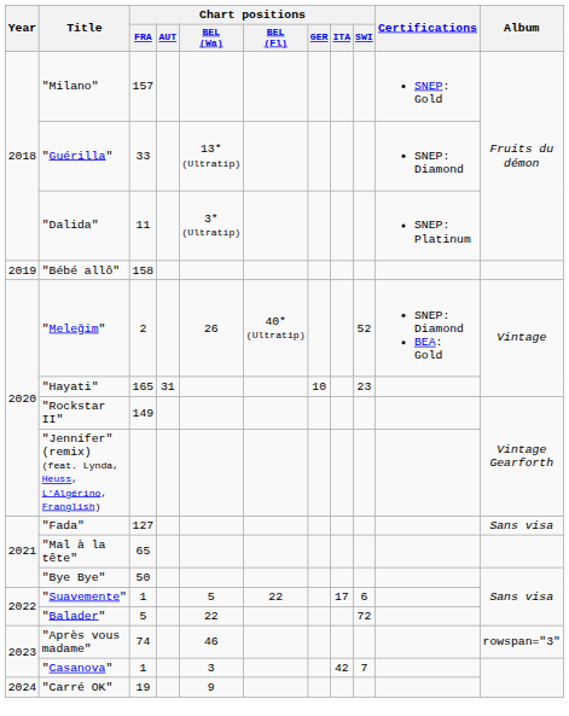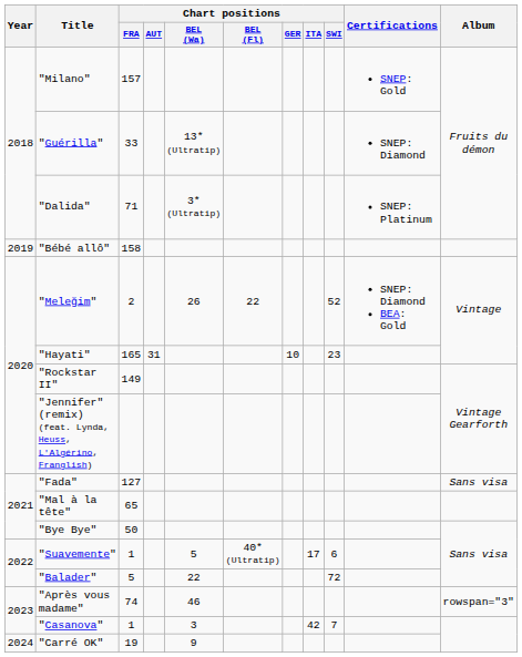 <table class="wikitable">
 <tr>
 <th style="width:10px;" rowspan="2">Year</th>
 <th style="width:130px;" rowspan="2">Title</th>
 <th colspan="7">Chart positions</th>
 <th rowspan="2"><a href='#'>Certifications</a></th>
 <th style="width:150px;" rowspan="2">Album</th>
 </tr>
 <tr>
 <th style="width:40px; font-size:smaller;"><a href='#'>FRA</a><br></th>
 <th style="width:40px; font-size:smaller;"><a href='#'>AUT</a><br></th>
 <th style="width:40px; font-size:smaller;"><a href='#'>BEL<br>(Wa)</a><br></th>
 <th style="width:40px; font-size:smaller;"><a href='#'>BEL<br>(Fl)</a><br></th>
 <th style="width:40px; font-size:smaller;"><a href='#'>GER</a><br></th>
 <th style="width:40px; font-size:smaller;"><a href='#'>ITA</a><br></th>
 <th style="width:40px; font-size:smaller;"><a href='#'>SWI</a><br></th>
 </tr>
 <tr>
 <td style="text-align:center;" rowspan=3>2018</td>
 <td>"Milano"</td>
 <td style="text-align:center;">157</td>
 <td style="text-align:center;"></td>
 <td style="text-align:center;"></td>
 <td style="text-align:center;"></td>
 <td style="text-align:center;"></td>
 <td style="text-align:center;"></td>
 <td style="text-align:center;"></td>
 <td><br><ul><li><a href='#'>SNEP</a>: Gold</li></ul></td>
 <td style="text-align:center;" rowspan=3><em>Fruits du démon</em></td>
 </tr>
 <tr>
 <td>"<a href='#'>Guérilla</a>"</td>
 <td style="text-align:center;">33</td>
 <td style="text-align:center;"></td>
 <td style="text-align:center;">13*<br><small>(Ultratip)</small></td>
 <td style="text-align:center;"></td>
 <td style="text-align:center;"></td>
 <td style="text-align:center;"></td>
 <td style="text-align:center;"></td>
 <td><br><ul><li>SNEP: Diamond</li></ul></td>
 </tr>
 <tr>
 <td>"Dalida"</td>
-<td style="text-align:center;">11</td>
+<td style="text-align:center;">71</td>
 <td style="text-align:center;"></td>
 <td style="text-align:center;">3*<br><small>(Ultratip)</small></td>
 <td style="text-align:center;"></td>
 <td style="text-align:center;"></td>
 <td style="text-align:center;"></td>
 <td style="text-align:center;"></td>
 <td><br><ul><li>SNEP: Platinum</li></ul></td>
 </tr>
 <tr>
 <td style="text-align:center;">2019</td>
 <td>"Bébé allô"</td>
 <td style="text-align:center;">158</td>
 <td style="text-align:center;"></td>
 <td style="text-align:center;"></td>
 <td style="text-align:center;"></td>
 <td style="text-align:center;"></td>
 <td style="text-align:center;"></td>
 <td style="text-align:center;"></td>
 <td></td>
 <td></td>
 </tr>
 <tr>
 <td style="text-align:center;" rowspan="4">2020</td>
 <td>"<a href='#'>Meleğim</a>"<br></td>
 <td style="text-align:center;">2</td>
 <td style="text-align:center;"></td>
 <td style="text-align:center;">26</td>
-<td style="text-align:center;">40*<br><small>(Ultratip)</small></td>
+<td style="text-align:center;">22</td>
 <td style="text-align:center;"></td>
 <td style="text-align:center;"></td>
 <td style="text-align:center;">52</td>
 <td><br><ul><li>SNEP: Diamond</li><li><a href='#'>BEA</a>: Gold</li></ul></td>
 <td style="text-align:center;" rowspan="2"><em>Vintage</em></td>
 </tr>
 <tr>
 <td>"Hayati"<br></td>
 <td style="text-align:center;">165</td>
 <td style="text-align:center;">31</td>
 <td style="text-align:center;"></td>
 <td style="text-align:center;"></td>
 <td style="text-align:center;">10</td>
 <td style="text-align:center;"></td>
 <td style="text-align:center;">23</td>
 <td></td>
 </tr>
 <tr>
 <td>"Rockstar II"</td>
 <td style="text-align:center;">149</td>
 <td style="text-align:center;"></td>
 <td style="text-align:center;"></td>
 <td style="text-align:center;"></td>
 <td style="text-align:center;"></td>
 <td style="text-align:center;"></td>
 <td style="text-align:center;"></td>
 <td></td>
 <td style="text-align:center;" rowspan="2"><em>Vintage Gearforth</em></td>
 </tr>
 <tr>
 <td>"Jennifer" (remix)<br><small>(feat. Lynda, <a href='#'>Heuss</a>, <a href='#'>L'Algérino</a>, <a href='#'>Franglish</a>)</small></td>
 <td style="text-align:center;"></td>
 <td style="text-align:center;"></td>
 <td style="text-align:center;"></td>
 <td style="text-align:center;"></td>
 <td style="text-align:center;"></td>
 <td style="text-align:center;"></td>
 <td style="text-align:center;"></td>
 <td></td>
 </tr>
 <tr>
 <td style="text-align:center;" rowspan=3>2021</td>
 <td>"Fada"</td>
 <td style="text-align:center;">127</td>
 <td style="text-align:center;"></td>
 <td style="text-align:center;"></td>
 <td style="text-align:center;"></td>
 <td style="text-align:center;"></td>
 <td style="text-align:center;"></td>
 <td style="text-align:center;"></td>
 <td></td>
 <td style="text-align:center;"><em>Sans visa</em></td>
 </tr>
 <tr>
 <td>"Mal à la tête"<br></td>
 <td style="text-align:center;">65</td>
 <td style="text-align:center;"></td>
 <td style="text-align:center;"></td>
 <td style="text-align:center;"></td>
 <td style="text-align:center;"></td>
 <td style="text-align:center;"></td>
 <td style="text-align:center;"></td>
 <td></td>
 <td></td>
 </tr>
 <tr>
 <td>"Bye Bye"<br></td>
 <td style="text-align:center;">50</td>
 <td style="text-align:center;"></td>
 <td style="text-align:center;"></td>
 <td style="text-align:center;"></td>
 <td style="text-align:center;"></td>
 <td style="text-align:center;"></td>
 <td style="text-align:center;"></td>
 <td></td>
 <td style="text-align:center;" rowspan="3"><em>Sans visa</em></td>
 </tr>
 <tr>
 <td style="text-align:center;" rowspan=2>2022</td>
 <td>"<a href='#'>Suavemente</a>"<br></td>
 <td style="text-align:center;">1</td>
 <td style="text-align:center;"></td>
 <td style="text-align:center;">5</td>
-<td style="text-align:center;">22</td>
+<td style="text-align:center;">40*<br><small>(Ultratip)</small></td>
 <td style="text-align:center;"></td>
 <td style="text-align:center;">17</td>
 <td style="text-align:center;">6</td>
 <td></td>
 </tr>
 <tr>
 <td>"<a href='#'>Balader</a>"<br></td>
 <td style="text-align:center;">5</td>
 <td style="text-align:center;"></td>
 <td style="text-align:center;">22</td>
 <td style="text-align:center;"></td>
 <td style="text-align:center;"></td>
 <td style="text-align:center;"></td>
 <td style="text-align:center;">72</td>
 <td></td>
 </tr>
 <tr>
 <td style="text-align:center;" rowspan="2">2023</td>
 <td>"Après vous madame"<br></td>
 <td style="text-align:center;">74</td>
 <td style="text-align:center;"></td>
 <td style="text-align:center;">46</td>
 <td style="text-align:center;"></td>
 <td style="text-align:center;"></td>
 <td style="text-align:center;"></td>
 <td style="text-align:center;"></td>
 <td></td>
 <td>rowspan="3" </td>
 </tr>
 <tr>
 <td>"<a href='#'>Casanova</a>"<br></td>
 <td style="text-align:center;">1</td>
 <td style="text-align:center;"></td>
 <td style="text-align:center;">3</td>
 <td style="text-align:center;"></td>
 <td style="text-align:center;"></td>
 <td style="text-align:center;">42<br></td>
 <td style="text-align:center;">7</td>
 <td></td>
 </tr>
 <tr>
 <td style="text-align:center;">2024</td>
 <td>"Carré OK"<br></td>
 <td style="text-align:center;">19</td>
 <td style="text-align:center;"></td>
 <td style="text-align:center;">9</td>
 <td style="text-align:center;"></td>
 <td style="text-align:center;"></td>
 <td style="text-align:center;"></td>
 <td style="text-align:center;"></td>
 <td></td>
 </tr>
 </table>
